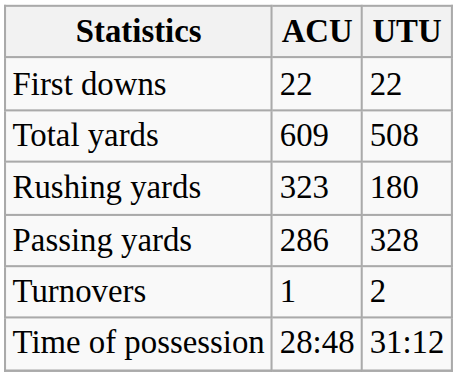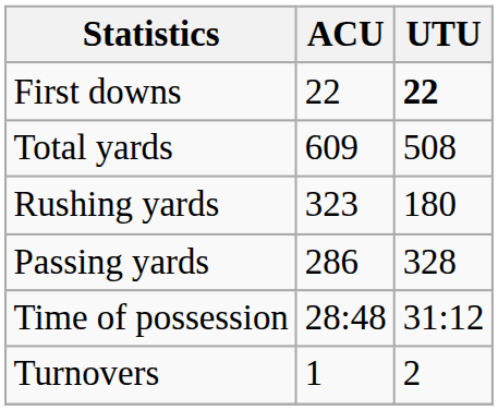 <table class="wikitable" style="float: left;">
 <tr>
 <th>Statistics</th>
 <th>ACU</th>
 <th>UTU</th>
 </tr>
 <tr>
 <td>First downs</td>
 <td>22</td>
-<td>22</td>
+<td><strong>22</strong></td>
 </tr>
 <tr>
 <td>Total yards</td>
 <td>609</td>
 <td>508</td>
 </tr>
 <tr>
 <td>Rushing yards</td>
 <td>323</td>
 <td>180</td>
 </tr>
 <tr>
 <td>Passing yards</td>
 <td>286</td>
 <td>328</td>
 </tr>
 <tr>
+<td>Time of possession</td>
+<td>28:48</td>
+<td>31:12</td>
+</tr>
+<tr>
 <td>Turnovers</td>
 <td>1</td>
 <td>2</td>
 </tr>
 <tr>
-<td>Time of possession</td>
-<td>28:48</td>
-<td>31:12</td>
-</tr>
-<tr>
 </tr>
 </table>
